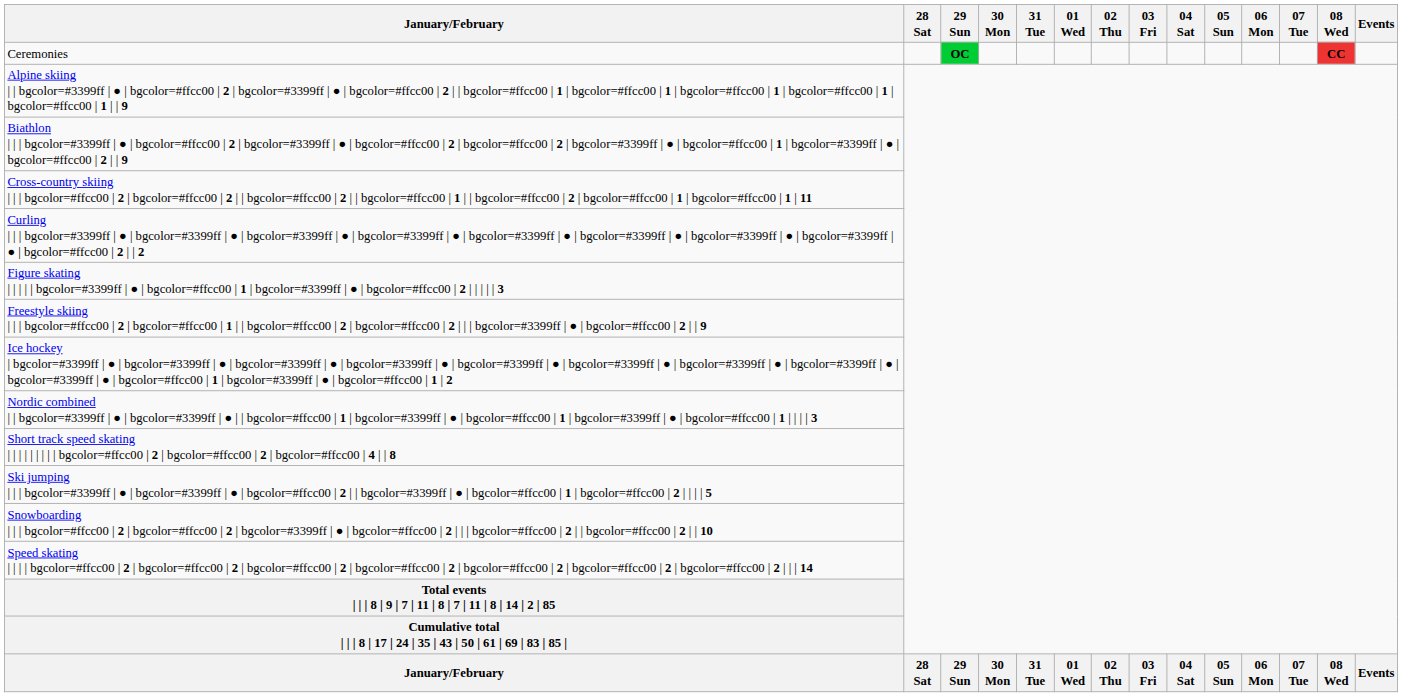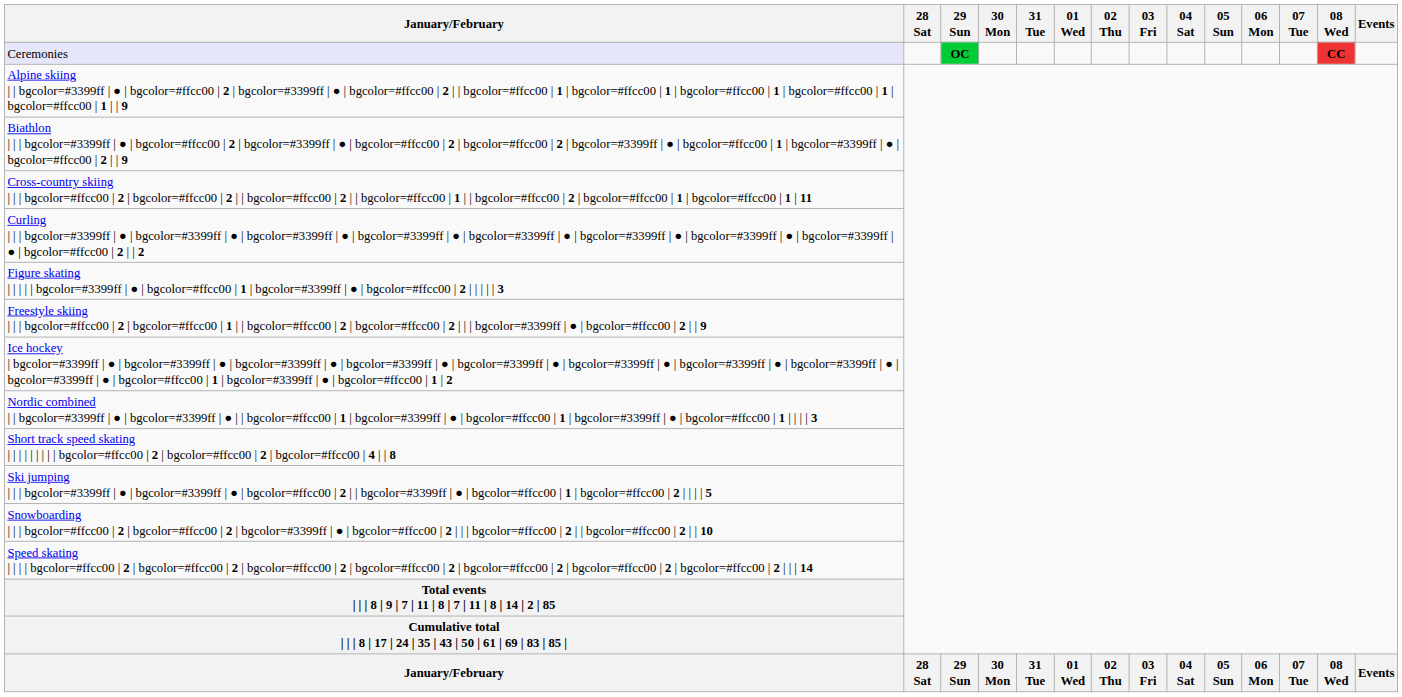 <table class="wikitable" style="margin:0.5em auto; font-size:90%; line-height:1.25em">
 <tr>
 <th>January/February</th>
 <th style="width:2.5em">28 <br> Sat</th>
 <th style="width:2.5em">29 <br> Sun</th>
 <th style="width:2.5em">30 <br> Mon</th>
 <th style="width:2.5em">31 <br> Tue</th>
 <th style="width:2.5em">01 <br> Wed</th>
 <th style="width:2.5em">02 <br> Thu</th>
 <th style="width:2.5em">03 <br> Fri</th>
 <th style="width:2.5em">04 <br> Sat</th>
 <th style="width:2.5em">05 <br> Sun</th>
 <th style="width:2.5em">06 <br> Mon</th>
 <th style="width:2.5em">07 <br> Tue</th>
 <th style="width:2.5em">08 <br> Wed</th>
 <th>Events</th>
 </tr>
 <tr>
-<td>Ceremonies</td>
+<td style="background: lavender;">Ceremonies</td>
 <td></td>
 <td style="background:#00cc33; text-align:center"><strong>OC</strong></td>
 <td></td>
 <td></td>
 <td></td>
 <td></td>
 <td></td>
 <td></td>
 <td></td>
 <td></td>
 <td></td>
 <td style="background:#ee3333; text-align:center"><strong>CC</strong></td>
 <td></td>
 </tr>
 <tr style="text-align:center">
 <td style="text-align:left"> <a href='#'>Alpine skiing</a><br> |  | bgcolor=#3399ff | ●  | bgcolor=#ffcc00 | <strong>2</strong>  | bgcolor=#3399ff | ●  | bgcolor=#ffcc00 | <strong>2</strong>  |   | bgcolor=#ffcc00 | <strong>1</strong>  | bgcolor=#ffcc00 | <strong>1</strong>  | bgcolor=#ffcc00 | <strong>1</strong>  | bgcolor=#ffcc00 | <strong>1</strong>  | bgcolor=#ffcc00 | <strong>1</strong>  |  | <strong>9</strong></td>
 </tr>
 <tr style="text-align:center">
 <td style="text-align:left"> <a href='#'>Biathlon</a><br> |  |   | bgcolor=#3399ff | ●  | bgcolor=#ffcc00 | <strong>2</strong>  | bgcolor=#3399ff | ●  | bgcolor=#ffcc00 | <strong>2</strong>  | bgcolor=#ffcc00 | <strong>2</strong>  | bgcolor=#3399ff | ●  | bgcolor=#ffcc00 | <strong>1</strong>  | bgcolor=#3399ff | ●  | bgcolor=#ffcc00 | <strong>2</strong>  |  | <strong>9</strong></td>
 </tr>
 <tr style="text-align:center">
 <td style="text-align:left"> <a href='#'>Cross-country skiing</a><br> |  |   | bgcolor=#ffcc00 | <strong>2</strong>  | bgcolor=#ffcc00 | <strong>2</strong>  |   | bgcolor=#ffcc00 | <strong>2</strong>  |   | bgcolor=#ffcc00 | <strong>1</strong>  |   | bgcolor=#ffcc00 | <strong>2</strong>  | bgcolor=#ffcc00 | <strong>1</strong>  | bgcolor=#ffcc00 | <strong>1</strong>  | <strong>11</strong></td>
 </tr>
 <tr style="text-align:center">
 <td style="text-align:left"> <a href='#'>Curling</a><br> |  |  | bgcolor=#3399ff | ●  | bgcolor=#3399ff | ●  | bgcolor=#3399ff | ●  | bgcolor=#3399ff | ●  | bgcolor=#3399ff | ●  | bgcolor=#3399ff | ●  | bgcolor=#3399ff | ●  | bgcolor=#3399ff | ●  | bgcolor=#ffcc00 | <strong>2</strong>  |   | <strong>2</strong></td>
 </tr>
 <tr style="text-align:center">
 <td style="text-align:left"> <a href='#'>Figure skating</a><br> |  |   |   |   | bgcolor=#3399ff | ●  | bgcolor=#ffcc00 | <strong>1</strong>  | bgcolor=#3399ff | ●   | bgcolor=#ffcc00 | <strong>2</strong>  |    |   |   |   | <strong>3</strong></td>
 </tr>
 <tr style="text-align:center">
 <td style="text-align:left"> <a href='#'>Freestyle skiing</a><br> |  |   | bgcolor=#ffcc00 | <strong>2</strong>  | bgcolor=#ffcc00 | <strong>1</strong>  |   | bgcolor=#ffcc00 | <strong>2</strong>  | bgcolor=#ffcc00 | <strong>2</strong>  |   |   | bgcolor=#3399ff | ●  | bgcolor=#ffcc00 | <strong>2</strong>  |   | <strong>9</strong></td>
 </tr>
 <tr style="text-align:center">
 <td style="text-align:left"> <a href='#'>Ice hockey</a><br> | bgcolor=#3399ff | ●  | bgcolor=#3399ff | ●  | bgcolor=#3399ff | ●  | bgcolor=#3399ff | ●  | bgcolor=#3399ff | ●  | bgcolor=#3399ff | ●  | bgcolor=#3399ff | ●  | bgcolor=#3399ff | ●  | bgcolor=#3399ff | ●  | bgcolor=#ffcc00 | <strong>1</strong>  | bgcolor=#3399ff | ●  | bgcolor=#ffcc00 | <strong>1</strong>  | <strong>2</strong></td>
 </tr>
 <tr style="text-align:center">
 <td style="text-align:left"> <a href='#'>Nordic combined</a><br> |  | bgcolor=#3399ff | ●  | bgcolor=#3399ff | ●  |   | bgcolor=#ffcc00 | <strong>1</strong>  | bgcolor=#3399ff | ●  | bgcolor=#ffcc00 | <strong>1</strong>  | bgcolor=#3399ff | ●  | bgcolor=#ffcc00 | <strong>1</strong>  |  |   |   | <strong>3</strong></td>
 </tr>
 <tr style="text-align:center">
 <td style="text-align:left"> <a href='#'>Short track speed skating</a><br> |   |   |   |   |   |   |   |   | bgcolor=#ffcc00 | <strong>2</strong>  | bgcolor=#ffcc00 | <strong>2</strong>  | bgcolor=#ffcc00 | <strong>4</strong>  |   | <strong>8</strong></td>
 </tr>
 <tr style="text-align:center">
 <td style="text-align:left"> <a href='#'>Ski jumping</a><br> |  |   | bgcolor=#3399ff | ●  | bgcolor=#3399ff | ●  | bgcolor=#ffcc00 | <strong>2</strong>  |   | bgcolor=#3399ff | ●  | bgcolor=#ffcc00 | <strong>1</strong>  | bgcolor=#ffcc00 | <strong>2</strong>  |  |   |   | <strong>5</strong></td>
 </tr>
 <tr style="text-align:center">
 <td style="text-align:left"> <a href='#'>Snowboarding</a><br> |   |   | bgcolor=#ffcc00 | <strong>2</strong>  | bgcolor=#ffcc00 | <strong>2</strong>  | bgcolor=#3399ff | ●  | bgcolor=#ffcc00 | <strong>2</strong>  |   |   | bgcolor=#ffcc00 | <strong>2</strong>  |   | bgcolor=#ffcc00 | <strong>2</strong>  |   | <strong>10</strong></td>
 </tr>
 <tr style="text-align:center">
 <td style="text-align:left"> <a href='#'>Speed skating</a><br> |   |   |   | bgcolor=#ffcc00 | <strong>2</strong>  | bgcolor=#ffcc00 | <strong>2</strong>  | bgcolor=#ffcc00 | <strong>2</strong>  | bgcolor=#ffcc00 | <strong>2</strong>  | bgcolor=#ffcc00 | <strong>2</strong>  | bgcolor=#ffcc00 | <strong>2</strong>  | bgcolor=#ffcc00 | <strong>2</strong>  |   |   | <strong>14</strong></td>
 </tr>
 <tr align=center>
 <th>Total events<br> |   |   | 8  | 9  | 7  | 11  | 8  | 7  | 11  | 8  | 14  | 2  | <strong>85</strong></th>
 </tr>
 <tr align=center>
 <th>Cumulative total<br> |   |   | 8  | 17  | 24  | 35  | 43  | 50  | 61  | 69  | 83  | 85  |</th>
 </tr>
 <tr>
 <th>January/February</th>
 <th style="width:2.5em">28 <br> Sat</th>
 <th style="width:2.5em">29 <br> Sun</th>
 <th style="width:2.5em">30 <br> Mon</th>
 <th style="width:2.5em">31 <br> Tue</th>
 <th style="width:2.5em">01 <br> Wed</th>
 <th style="width:2.5em">02 <br> Thu</th>
 <th style="width:2.5em">03 <br> Fri</th>
 <th style="width:2.5em">04 <br> Sat</th>
 <th style="width:2.5em">05 <br> Sun</th>
 <th style="width:2.5em">06 <br> Mon</th>
 <th style="width:2.5em">07 <br> Tue</th>
 <th style="width:2.5em">08 <br> Wed</th>
 <th>Events</th>
 </tr>
 </table>
